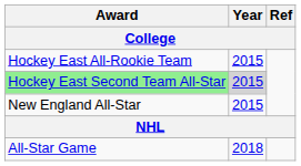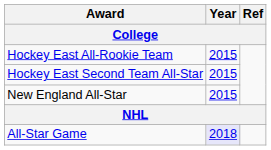 <table class="wikitable">
 <tr>
 <th>Award</th>
 <th>Year</th>
 <th>Ref</th>
 </tr>
 <tr>
 <th colspan="3"><a href='#'>College</a></th>
 </tr>
 <tr>
 <td><a href='#'>Hockey East All-Rookie Team</a></td>
 <td><a href='#'>2015</a></td>
 <td rowspan="3"></td>
 </tr>
 <tr>
-<td style="background: lightgreen;"><a href='#'>Hockey East Second Team All-Star</a></td>
-<td style="background: lightgrey;"><a href='#'>2015</a></td>
+<td><a href='#'>Hockey East Second Team All-Star</a></td>
+<td><a href='#'>2015</a></td>
 </tr>
 <tr>
 <td>New England All-Star</td>
 <td><a href='#'>2015</a></td>
 </tr>
 <tr>
 <th colspan="3"><a href='#'>NHL</a></th>
 </tr>
 <tr>
 <td><a href='#'>All-Star Game</a></td>
-<td><a href='#'>2018</a></td>
+<td style="background: lavender;"><a href='#'>2018</a></td>
 <td></td>
 </tr>
 </table>
